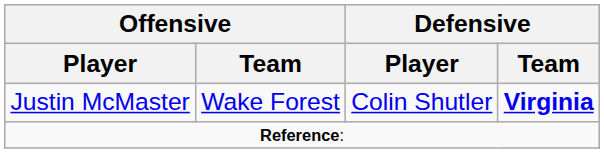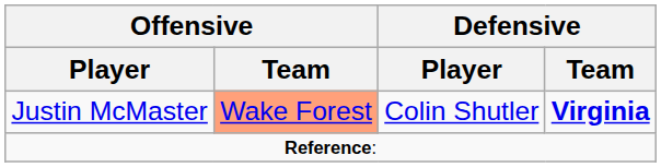 <table class="wikitable" style="text-align: center;">
 <tr>
 <th colspan="2">Offensive</th>
 <th colspan="2">Defensive</th>
 </tr>
 <tr>
 <th>Player</th>
 <th>Team</th>
 <th>Player</th>
 <th>Team</th>
 </tr>
 <tr>
 <td><a href='#'>Justin McMaster</a></td>
-<td><a href='#'>Wake Forest</a></td>
+<td style="background: lightsalmon;"><a href='#'>Wake Forest</a></td>
 <td><a href='#'>Colin Shutler</a></td>
 <td><strong><a href='#'>Virginia</a></strong></td>
 </tr>
 <tr>
 <td colspan="12"  style="font-size:8pt; text-align:center;"><strong>Reference</strong>:</td>
 </tr>
 </table>
